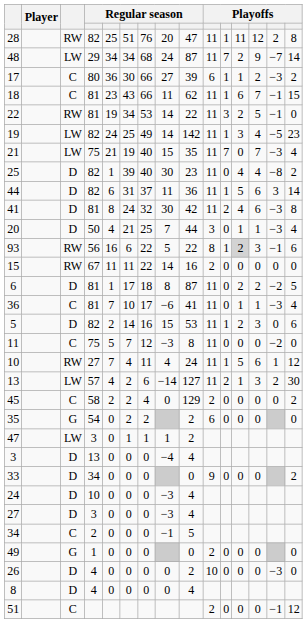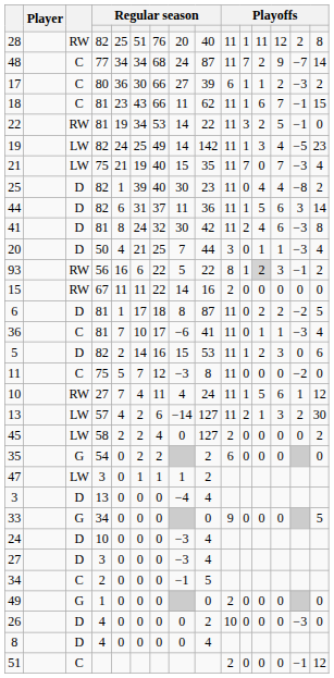 <table class="wikitable sortable plainrowheaders" style="text-align:center;">
 <tr>
 <th scope="col" data-sort-type="number" rowspan="2"></th>
 <th scope="col" rowspan="2">Player</th>
 <th scope="col" rowspan="2"></th>
 <th scope=colgroup colspan=6>Regular season</th>
 <th scope=colgroup colspan=6>Playoffs</th>
 </tr>
 <tr>
 <th scope="col" data-sort-type="number"></th>
 <th scope="col" data-sort-type="number"></th>
 <th scope="col" data-sort-type="number"></th>
 <th scope="col" data-sort-type="number"></th>
 <th scope="col" data-sort-type="number"></th>
 <th scope="col" data-sort-type="number"></th>
 <th scope="col" data-sort-type="number"></th>
 <th scope="col" data-sort-type="number"></th>
 <th scope="col" data-sort-type="number"></th>
 <th scope="col" data-sort-type="number"></th>
 <th scope="col" data-sort-type="number"></th>
 <th scope="col" data-sort-type="number"></th>
 </tr>
 <tr>
 <td scope="row">28</td>
 <td align="left"></td>
 <td>RW</td>
 <td>82</td>
 <td>25</td>
 <td>51</td>
 <td>76</td>
 <td>20</td>
-<td>47</td>
+<td>40</td>
 <td>11</td>
 <td>1</td>
 <td>11</td>
 <td>12</td>
 <td>2</td>
 <td>8</td>
 </tr>
 <tr>
 <td scope="row">48</td>
 <td align="left"></td>
-<td>LW</td>
-<td>29</td>
+<td>C</td>
+<td>77</td>
 <td>34</td>
 <td>34</td>
 <td>68</td>
 <td>24</td>
 <td>87</td>
 <td>11</td>
 <td>7</td>
 <td>2</td>
 <td>9</td>
 <td>−7</td>
 <td>14</td>
 </tr>
 <tr>
 <td scope="row">17</td>
 <td align="left"></td>
 <td>C</td>
 <td>80</td>
 <td>36</td>
 <td>30</td>
 <td>66</td>
 <td>27</td>
 <td>39</td>
 <td>6</td>
 <td>1</td>
 <td>1</td>
 <td>2</td>
 <td>−3</td>
 <td>2</td>
 </tr>
 <tr>
 <td scope="row">18</td>
 <td align="left"></td>
 <td>C</td>
 <td>81</td>
 <td>23</td>
 <td>43</td>
 <td>66</td>
 <td>11</td>
 <td>62</td>
 <td>11</td>
 <td>1</td>
 <td>6</td>
 <td>7</td>
 <td>−1</td>
 <td>15</td>
 </tr>
 <tr>
 <td scope="row">22</td>
 <td align="left"></td>
 <td>RW</td>
 <td>81</td>
 <td>19</td>
 <td>34</td>
 <td>53</td>
 <td>14</td>
 <td>22</td>
 <td>11</td>
 <td>3</td>
 <td>2</td>
 <td>5</td>
 <td>−1</td>
 <td>0</td>
 </tr>
 <tr>
 <td scope="row">19</td>
 <td align="left"></td>
 <td>LW</td>
 <td>82</td>
 <td>24</td>
 <td>25</td>
 <td>49</td>
 <td>14</td>
 <td>142</td>
 <td>11</td>
 <td>1</td>
 <td>3</td>
 <td>4</td>
 <td>−5</td>
 <td>23</td>
 </tr>
 <tr>
 <td scope="row">21</td>
 <td align="left"></td>
 <td>LW</td>
 <td>75</td>
 <td>21</td>
 <td>19</td>
 <td>40</td>
 <td>15</td>
 <td>35</td>
 <td>11</td>
 <td>7</td>
 <td>0</td>
 <td>7</td>
 <td>−3</td>
 <td>4</td>
 </tr>
 <tr>
 <td scope="row">25</td>
 <td align="left"></td>
 <td>D</td>
 <td>82</td>
 <td>1</td>
 <td>39</td>
 <td>40</td>
 <td>30</td>
 <td>23</td>
 <td>11</td>
 <td>0</td>
 <td>4</td>
 <td>4</td>
 <td>−8</td>
 <td>2</td>
 </tr>
 <tr>
 <td scope="row">44</td>
 <td align="left"></td>
 <td>D</td>
 <td>82</td>
 <td>6</td>
 <td>31</td>
 <td>37</td>
 <td>11</td>
 <td>36</td>
 <td>11</td>
 <td>1</td>
 <td>5</td>
 <td>6</td>
 <td>3</td>
 <td>14</td>
 </tr>
 <tr>
 <td scope="row">41</td>
 <td align="left"></td>
 <td>D</td>
 <td>81</td>
 <td>8</td>
 <td>24</td>
 <td>32</td>
 <td>30</td>
 <td>42</td>
 <td>11</td>
 <td>2</td>
 <td>4</td>
 <td>6</td>
 <td>−3</td>
 <td>8</td>
 </tr>
 <tr>
 <td scope="row">20</td>
 <td align="left"></td>
 <td>D</td>
 <td>50</td>
 <td>4</td>
 <td>21</td>
 <td>25</td>
 <td>7</td>
 <td>44</td>
 <td>3</td>
 <td>0</td>
 <td>1</td>
 <td>1</td>
 <td>−3</td>
 <td>4</td>
 </tr>
 <tr>
 <td scope="row">93</td>
 <td align="left"></td>
 <td>RW</td>
 <td>56</td>
 <td>16</td>
 <td>6</td>
 <td>22</td>
 <td>5</td>
 <td>22</td>
 <td>8</td>
 <td>1</td>
 <td style="background: lightgrey;">2</td>
 <td>3</td>
 <td>−1</td>
-<td>6</td>
+<td>2</td>
 </tr>
 <tr>
 <td scope="row">15</td>
 <td align="left"></td>
 <td>RW</td>
 <td>67</td>
 <td>11</td>
 <td>11</td>
 <td>22</td>
 <td>14</td>
 <td>16</td>
 <td>2</td>
 <td>0</td>
 <td>0</td>
 <td>0</td>
 <td>0</td>
 <td>0</td>
 </tr>
 <tr>
 <td scope="row">6</td>
 <td align="left"></td>
 <td>D</td>
 <td>81</td>
 <td>1</td>
 <td>17</td>
 <td>18</td>
 <td>8</td>
 <td>87</td>
 <td>11</td>
 <td>0</td>
 <td>2</td>
 <td>2</td>
 <td>−2</td>
 <td>5</td>
 </tr>
 <tr>
 <td scope="row">36</td>
 <td align="left"></td>
 <td>C</td>
 <td>81</td>
 <td>7</td>
 <td>10</td>
 <td>17</td>
 <td>−6</td>
 <td>41</td>
 <td>11</td>
 <td>0</td>
 <td>1</td>
 <td>1</td>
 <td>−3</td>
 <td>4</td>
 </tr>
 <tr>
 <td scope="row">5</td>
 <td align="left"></td>
 <td>D</td>
 <td>82</td>
 <td>2</td>
 <td>14</td>
 <td>16</td>
 <td>15</td>
 <td>53</td>
 <td>11</td>
 <td>1</td>
 <td>2</td>
 <td>3</td>
 <td>0</td>
 <td>6</td>
 </tr>
 <tr>
 <td scope="row">11</td>
 <td align="left"></td>
 <td>C</td>
 <td>75</td>
 <td>5</td>
 <td>7</td>
 <td>12</td>
 <td>−3</td>
 <td>8</td>
 <td>11</td>
 <td>0</td>
 <td>0</td>
 <td>0</td>
 <td>−2</td>
 <td>0</td>
 </tr>
 <tr>
 <td scope="row">10</td>
 <td align="left"></td>
 <td>RW</td>
 <td>27</td>
 <td>7</td>
 <td>4</td>
 <td>11</td>
 <td>4</td>
 <td>24</td>
 <td>11</td>
 <td>1</td>
 <td>5</td>
 <td>6</td>
 <td>1</td>
 <td>12</td>
 </tr>
 <tr>
 <td scope="row">13</td>
 <td align="left"></td>
 <td>LW</td>
 <td>57</td>
 <td>4</td>
 <td>2</td>
 <td>6</td>
 <td>−14</td>
 <td>127</td>
 <td>11</td>
 <td>2</td>
 <td>1</td>
 <td>3</td>
 <td>2</td>
 <td>30</td>
 </tr>
 <tr>
 <td scope="row">45</td>
 <td align="left"></td>
-<td>C</td>
+<td>LW</td>
 <td>58</td>
 <td>2</td>
 <td>2</td>
 <td>4</td>
 <td>0</td>
-<td>129</td>
+<td>127</td>
 <td>2</td>
 <td>0</td>
 <td>0</td>
 <td>0</td>
 <td>0</td>
 <td>2</td>
 </tr>
 <tr>
 <td scope="row">35</td>
 <td align="left"></td>
 <td>G</td>
 <td>54</td>
 <td>0</td>
 <td>2</td>
 <td>2</td>
 <td style="background:#ccc"></td>
 <td>2</td>
 <td>6</td>
 <td>0</td>
 <td>0</td>
 <td>0</td>
 <td style="background:#ccc"></td>
 <td>0</td>
 </tr>
 <tr>
 <td scope="row">47</td>
 <td align="left"></td>
 <td>LW</td>
 <td>3</td>
 <td>0</td>
 <td>1</td>
 <td>1</td>
 <td>1</td>
 <td>2</td>
 <td></td>
 <td></td>
 <td></td>
 <td></td>
 <td></td>
 <td></td>
 </tr>
 <tr>
 <td scope="row">3</td>
 <td align="left"></td>
 <td>D</td>
 <td>13</td>
 <td>0</td>
 <td>0</td>
 <td>0</td>
 <td>−4</td>
 <td>4</td>
 <td></td>
 <td></td>
 <td></td>
 <td></td>
 <td></td>
 <td></td>
 </tr>
 <tr>
 <td scope="row">33</td>
 <td align="left"></td>
-<td>D</td>
+<td>G</td>
 <td>34</td>
 <td>0</td>
 <td>0</td>
 <td>0</td>
 <td style="background:#ccc"></td>
 <td>0</td>
 <td>9</td>
 <td>0</td>
 <td>0</td>
 <td>0</td>
 <td style="background:#ccc"></td>
-<td>2</td>
+<td>5</td>
 </tr>
 <tr>
 <td scope="row">24</td>
 <td align="left"></td>
 <td>D</td>
 <td>10</td>
 <td>0</td>
 <td>0</td>
 <td>0</td>
 <td>−3</td>
 <td>4</td>
 <td></td>
 <td></td>
 <td></td>
 <td></td>
 <td></td>
 <td></td>
 </tr>
 <tr>
 <td scope="row">27</td>
 <td align="left"></td>
 <td>D</td>
 <td>3</td>
 <td>0</td>
 <td>0</td>
 <td>0</td>
 <td>−3</td>
 <td>4</td>
 <td></td>
 <td></td>
 <td></td>
 <td></td>
 <td></td>
 <td></td>
 </tr>
 <tr>
 <td scope="row">34</td>
 <td align="left"></td>
 <td>C</td>
 <td>2</td>
 <td>0</td>
 <td>0</td>
 <td>0</td>
 <td>−1</td>
 <td>5</td>
 <td></td>
 <td></td>
 <td></td>
 <td></td>
 <td></td>
 <td></td>
 </tr>
 <tr>
 <td scope="row">49</td>
 <td align="left"></td>
 <td>G</td>
 <td>1</td>
 <td>0</td>
 <td>0</td>
 <td>0</td>
 <td style="background:#ccc"></td>
 <td>0</td>
 <td>2</td>
 <td>0</td>
 <td>0</td>
 <td>0</td>
 <td style="background:#ccc"></td>
 <td>0</td>
 </tr>
 <tr>
 <td scope="row">26</td>
 <td align="left"></td>
 <td>D</td>
 <td>4</td>
 <td>0</td>
 <td>0</td>
 <td>0</td>
 <td>0</td>
 <td>2</td>
 <td>10</td>
 <td>0</td>
 <td>0</td>
 <td>0</td>
 <td>−3</td>
 <td>0</td>
 </tr>
 <tr>
 <td scope="row">8</td>
 <td align="left"></td>
 <td>D</td>
 <td>4</td>
 <td>0</td>
 <td>0</td>
 <td>0</td>
 <td>0</td>
 <td>4</td>
 <td></td>
 <td></td>
 <td></td>
 <td></td>
 <td></td>
 <td></td>
 </tr>
 <tr>
 <td scope="row">51</td>
 <td align="left"></td>
 <td>C</td>
 <td></td>
 <td></td>
 <td></td>
 <td></td>
 <td></td>
 <td></td>
 <td>2</td>
 <td>0</td>
 <td>0</td>
 <td>0</td>
 <td>−1</td>
 <td>12</td>
 </tr>
 </table>
